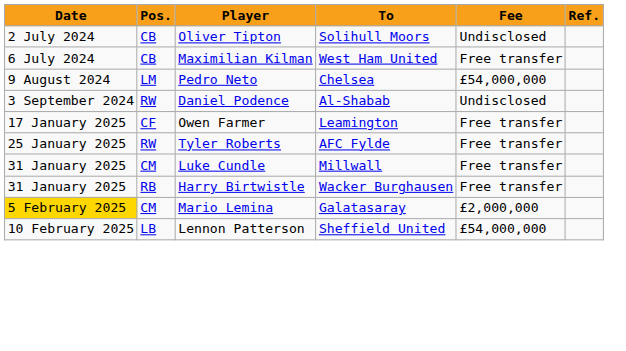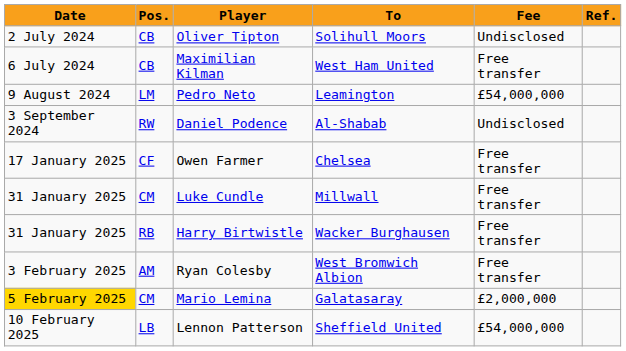 <table class="wikitable plainrowheaders sortable">
 <tr>
 <th style="background:#F9A01B; color:#000000; ">Date</th>
 <th style="background:#F9A01B; color:#000000; ">Pos.</th>
 <th style="background:#F9A01B; color:#000000; ">Player</th>
 <th style="background:#F9A01B; color:#000000; ">To</th>
 <th style="background:#F9A01B; color:#000000; ">Fee</th>
 <th style="background:#F9A01B; color:#000000; ">Ref.</th>
 </tr>
 <tr>
 <td>2 July 2024</td>
 <td><a href='#'>CB</a></td>
 <td> <a href='#'>Oliver Tipton</a></td>
 <td> <a href='#'>Solihull Moors</a></td>
 <td>Undisclosed</td>
 <td></td>
 </tr>
 <tr>
 <td>6 July 2024</td>
 <td><a href='#'>CB</a></td>
 <td> <a href='#'>Maximilian Kilman</a></td>
 <td> <a href='#'>West Ham United</a></td>
 <td>Free transfer</td>
 <td></td>
 </tr>
 <tr>
 <td>9 August 2024</td>
 <td><a href='#'>LM</a></td>
 <td> <a href='#'>Pedro Neto</a></td>
-<td> <a href='#'>Chelsea</a></td>
+<td> <a href='#'>Leamington</a></td>
 <td>£54,000,000</td>
 <td></td>
 </tr>
 <tr>
 <td>3 September 2024</td>
 <td><a href='#'>RW</a></td>
 <td> <a href='#'>Daniel Podence</a></td>
 <td> <a href='#'>Al-Shabab</a></td>
 <td>Undisclosed</td>
 <td></td>
 </tr>
 <tr>
 <td>17 January 2025</td>
 <td><a href='#'>CF</a></td>
 <td> Owen Farmer</td>
-<td> <a href='#'>Leamington</a></td>
-<td>Free transfer</td>
-<td></td>
-</tr>
-<tr>
-<td>25 January 2025</td>
-<td><a href='#'>RW</a></td>
-<td> <a href='#'>Tyler Roberts</a></td>
-<td> <a href='#'>AFC Fylde</a></td>
+<td> <a href='#'>Chelsea</a></td>
 <td>Free transfer</td>
 <td></td>
 </tr>
 <tr>
 <td>31 January 2025</td>
 <td><a href='#'>CM</a></td>
 <td> <a href='#'>Luke Cundle</a></td>
 <td> <a href='#'>Millwall</a></td>
 <td>Free transfer</td>
 <td></td>
 </tr>
 <tr>
 <td>31 January 2025</td>
 <td><a href='#'>RB</a></td>
 <td> <a href='#'>Harry Birtwistle</a></td>
 <td> <a href='#'>Wacker Burghausen</a></td>
 <td>Free transfer</td>
 <td></td>
 </tr>
 <tr>
+<td>3 February 2025</td>
+<td><a href='#'>AM</a></td>
+<td> Ryan Colesby</td>
+<td> <a href='#'>West Bromwich Albion</a></td>
+<td>Free transfer</td>
+<td></td>
+</tr>
+<tr>
 <td style="background: gold;">5 February 2025</td>
 <td><a href='#'>CM</a></td>
 <td> <a href='#'>Mario Lemina</a></td>
 <td> <a href='#'>Galatasaray</a></td>
 <td>£2,000,000</td>
 <td></td>
 </tr>
 <tr>
 <td>10 February 2025</td>
 <td><a href='#'>LB</a></td>
 <td> Lennon Patterson</td>
 <td> <a href='#'>Sheffield United</a></td>
 <td>£54,000,000</td>
 <td></td>
 </tr>
 </table>
